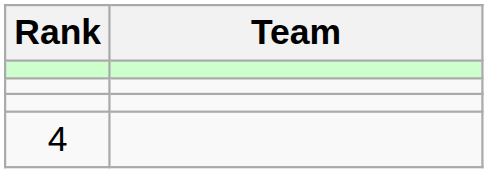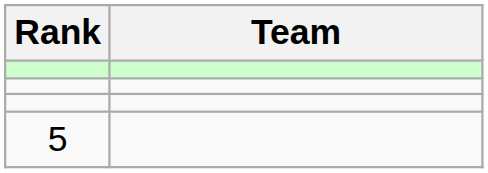 <table class="wikitable" style="text-align: center;">
 <tr>
 <th width=40>Rank</th>
 <th width=160>Team</th>
 </tr>
 <tr bgcolor=#ccffcc>
 <td></td>
 <td align=left></td>
 </tr>
 <tr>
 <td></td>
 <td align=left></td>
 </tr>
 <tr>
 <td></td>
 <td align=left></td>
 </tr>
 <tr>
-<td>4</td>
+<td>5</td>
 <td align=left></td>
 </tr>
 </table>
